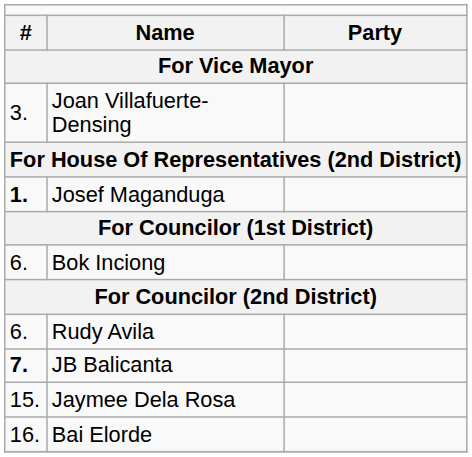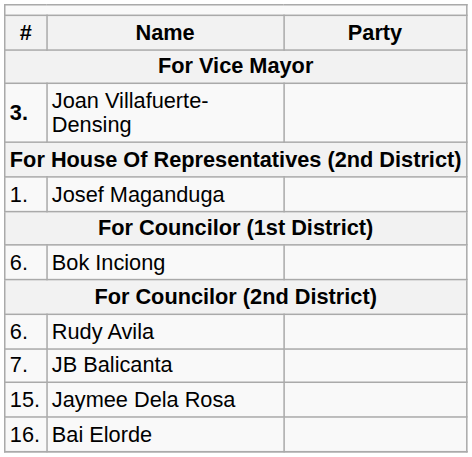 <table class=wikitable style="font-size:90%">
 <tr>
 <td colspan=5 bgcolor=></td>
 </tr>
 <tr>
 <th>#</th>
 <th width=150px>Name</th>
 <th colspan=2 width=110px>Party</th>
 </tr>
 <tr>
 <th colspan=5>For Vice Mayor</th>
 </tr>
 <tr>
-<td>3.</td>
+<td><strong>3.</strong></td>
 <td>Joan Villafuerte-Densing</td>
 <td></td>
 </tr>
 <tr>
 <th colspan=5>For House Of Representatives (2nd District)</th>
 </tr>
 <tr>
-<td><strong>1.</strong></td>
+<td>1.</td>
 <td>Josef Maganduga</td>
 <td></td>
 </tr>
 <tr>
 <th colspan=5>For Councilor (1st District)</th>
 </tr>
 <tr>
 <td>6.</td>
 <td>Bok Inciong</td>
 <td></td>
 </tr>
 <tr>
 <th colspan=5>For Councilor (2nd District)</th>
 </tr>
 <tr>
 <td>6.</td>
 <td>Rudy Avila</td>
 <td></td>
 </tr>
 <tr>
-<td><strong>7.</strong></td>
+<td>7.</td>
 <td>JB Balicanta</td>
 <td></td>
 </tr>
 <tr>
 <td>15.</td>
 <td>Jaymee Dela Rosa</td>
 <td></td>
 </tr>
 <tr>
 <td>16.</td>
 <td>Bai Elorde</td>
 <td></td>
 </tr>
 <tr>
 </tr>
 </table>
